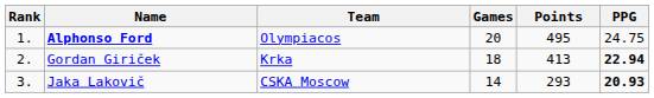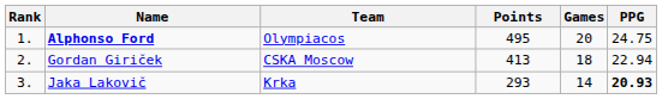 <table class="wikitable sortable" style="text-align: center">
 <tr>
 <th>Rank</th>
 <th width=200>Name</th>
 <th width=200>Team</th>
+<th width=75>Points</th>
 <th>Games</th>
-<th width=75>Points</th>
 <th width=40>PPG</th>
 </tr>
 <tr>
 <td>1.</td>
 <td align="left"> <strong><a href='#'>Alphonso Ford</a></strong></td>
 <td align="left"> <a href='#'>Olympiacos</a></td>
+<td>495</td>
 <td>20</td>
-<td>495</td>
 <td>24.75</td>
 </tr>
 <tr>
 <td>2.</td>
 <td align="left"> <a href='#'>Gordan Giriček</a></td>
-<td align="left"> <a href='#'>Krka</a></td>
+<td align="left"> <a href='#'>CSKA Moscow</a></td>
+<td>413</td>
 <td>18</td>
-<td>413</td>
-<td><strong>22.94</strong></td>
+<td>22.94</td>
 </tr>
 <tr>
 <td>3.</td>
 <td align="left"> <a href='#'>Jaka Lakovič</a></td>
-<td align="left"> <a href='#'>CSKA Moscow</a></td>
+<td align="left"> <a href='#'>Krka</a></td>
+<td>293</td>
 <td>14</td>
-<td>293</td>
 <td><strong>20.93</strong></td>
 </tr>
 </table>
